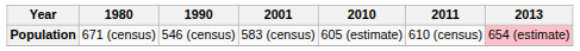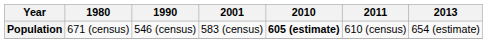 <table class="wikitable" style="margin-left:auto; margin-right:auto; text-align:center;">
 <tr>
 <th>Year</th>
 <th>1980</th>
 <th>1990</th>
 <th>2001</th>
 <th>2010</th>
 <th>2011</th>
 <th>2013</th>
 </tr>
 <tr>
 <th>Population</th>
 <td>671 (census)</td>
 <td>546 (census)</td>
 <td>583 (census)</td>
-<td>605 (estimate)</td>
+<td><strong>605 (estimate)</strong></td>
 <td>610 (census)</td>
-<td style="background: pink;">654 (estimate)</td>
+<td>654 (estimate)</td>
 </tr>
 <tr>
 </tr>
 </table>
